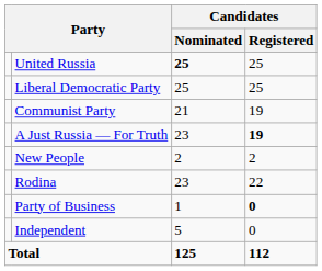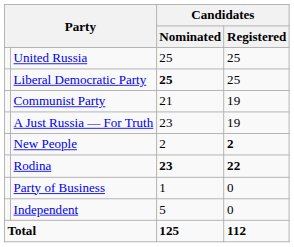 <table class="wikitable sortable" style="background: #f9f9f9; text-align:left; font-size: 95%">
 <tr>
 <th align=center rowspan=2 colspan=2>Party</th>
 <th align=center colspan=2>Candidates</th>
 </tr>
 <tr>
 <th align=center>Nominated</th>
 <th align=center>Registered</th>
 </tr>
 <tr>
 <td></td>
 <td><a href='#'>United Russia</a></td>
-<td><strong>25</strong></td>
+<td>25</td>
 <td>25</td>
 </tr>
 <tr>
 <td></td>
 <td><a href='#'>Liberal Democratic Party</a></td>
-<td>25</td>
+<td><strong>25</strong></td>
 <td>25</td>
 </tr>
 <tr>
 <td></td>
 <td><a href='#'>Communist Party</a></td>
 <td>21</td>
 <td>19</td>
 </tr>
 <tr>
 <td></td>
 <td><a href='#'>A Just Russia — For Truth</a></td>
 <td>23</td>
-<td><strong>19</strong></td>
+<td>19</td>
 </tr>
 <tr>
 <td></td>
 <td><a href='#'>New People</a></td>
 <td>2</td>
-<td>2</td>
+<td><strong>2</strong></td>
 </tr>
 <tr>
 <td></td>
 <td><a href='#'>Rodina</a></td>
-<td>23</td>
-<td>22</td>
+<td><strong>23</strong></td>
+<td><strong>22</strong></td>
 </tr>
 <tr>
 <td></td>
 <td><a href='#'>Party of Business</a></td>
 <td>1</td>
-<td><strong>0</strong></td>
+<td>0</td>
 </tr>
 <tr>
 <td></td>
 <td><a href='#'>Independent</a></td>
 <td>5</td>
 <td>0</td>
 </tr>
 <tr>
 <td colspan=2><strong>Total</strong></td>
 <td><strong>125</strong></td>
 <td><strong>112</strong></td>
 </tr>
 </table>
